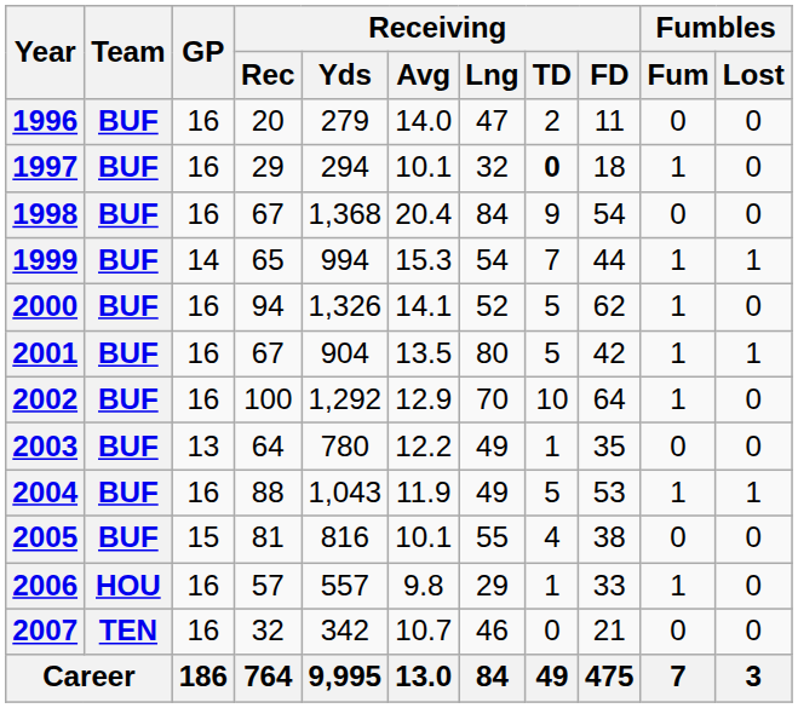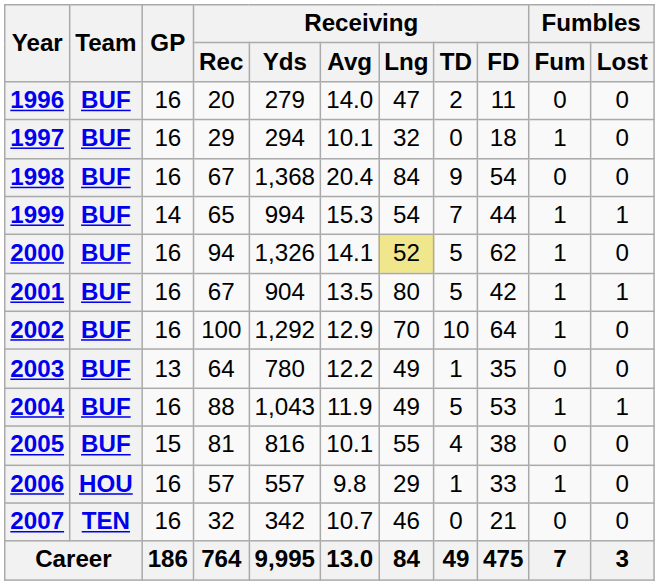 <table class=wikitable style="text-align:center;">
 <tr>
 <th rowspan="2">Year</th>
 <th rowspan="2">Team</th>
 <th rowspan="2">GP</th>
 <th colspan="6">Receiving</th>
 <th colspan="6">Fumbles</th>
 </tr>
 <tr>
 <th>Rec</th>
 <th>Yds</th>
 <th>Avg</th>
 <th>Lng</th>
 <th>TD</th>
 <th>FD</th>
 <th>Fum</th>
 <th>Lost</th>
 </tr>
 <tr>
 <th><a href='#'>1996</a></th>
 <th><a href='#'>BUF</a></th>
 <td>16</td>
 <td>20</td>
 <td>279</td>
 <td>14.0</td>
 <td>47</td>
 <td>2</td>
 <td>11</td>
 <td>0</td>
 <td>0</td>
 </tr>
 <tr>
 <th><a href='#'>1997</a></th>
 <th><a href='#'>BUF</a></th>
 <td>16</td>
 <td>29</td>
 <td>294</td>
 <td>10.1</td>
 <td>32</td>
-<td><strong>0</strong></td>
+<td>0</td>
 <td>18</td>
 <td>1</td>
 <td>0</td>
 </tr>
 <tr>
 <th><a href='#'>1998</a></th>
 <th><a href='#'>BUF</a></th>
 <td>16</td>
 <td>67</td>
 <td>1,368</td>
 <td>20.4</td>
 <td>84</td>
 <td>9</td>
 <td>54</td>
 <td>0</td>
 <td>0</td>
 </tr>
 <tr>
 <th><a href='#'>1999</a></th>
 <th><a href='#'>BUF</a></th>
 <td>14</td>
 <td>65</td>
 <td>994</td>
 <td>15.3</td>
 <td>54</td>
 <td>7</td>
 <td>44</td>
 <td>1</td>
 <td>1</td>
 </tr>
 <tr>
 <th><a href='#'>2000</a></th>
 <th><a href='#'>BUF</a></th>
 <td>16</td>
 <td>94</td>
 <td>1,326</td>
 <td>14.1</td>
-<td>52</td>
+<td style="background: khaki;">52</td>
 <td>5</td>
 <td>62</td>
 <td>1</td>
 <td>0</td>
 </tr>
 <tr>
 <th><a href='#'>2001</a></th>
 <th><a href='#'>BUF</a></th>
 <td>16</td>
 <td>67</td>
 <td>904</td>
 <td>13.5</td>
 <td>80</td>
 <td>5</td>
 <td>42</td>
 <td>1</td>
 <td>1</td>
 </tr>
 <tr>
 <th><a href='#'>2002</a></th>
 <th><a href='#'>BUF</a></th>
 <td>16</td>
 <td>100</td>
 <td>1,292</td>
 <td>12.9</td>
 <td>70</td>
 <td>10</td>
 <td>64</td>
 <td>1</td>
 <td>0</td>
 </tr>
 <tr>
 <th><a href='#'>2003</a></th>
 <th><a href='#'>BUF</a></th>
 <td>13</td>
 <td>64</td>
 <td>780</td>
 <td>12.2</td>
 <td>49</td>
 <td>1</td>
 <td>35</td>
 <td>0</td>
 <td>0</td>
 </tr>
 <tr>
 <th><a href='#'>2004</a></th>
 <th><a href='#'>BUF</a></th>
 <td>16</td>
 <td>88</td>
 <td>1,043</td>
 <td>11.9</td>
 <td>49</td>
 <td>5</td>
 <td>53</td>
 <td>1</td>
 <td>1</td>
 </tr>
 <tr>
 <th><a href='#'>2005</a></th>
 <th><a href='#'>BUF</a></th>
 <td>15</td>
 <td>81</td>
 <td>816</td>
 <td>10.1</td>
 <td>55</td>
 <td>4</td>
 <td>38</td>
 <td>0</td>
 <td>0</td>
 </tr>
 <tr>
 <th><a href='#'>2006</a></th>
 <th><a href='#'>HOU</a></th>
 <td>16</td>
 <td>57</td>
 <td>557</td>
 <td>9.8</td>
 <td>29</td>
 <td>1</td>
 <td>33</td>
 <td>1</td>
 <td>0</td>
 </tr>
 <tr>
 <th><a href='#'>2007</a></th>
 <th><a href='#'>TEN</a></th>
 <td>16</td>
 <td>32</td>
 <td>342</td>
 <td>10.7</td>
 <td>46</td>
 <td>0</td>
 <td>21</td>
 <td>0</td>
 <td>0</td>
 </tr>
 <tr>
 <th colspan="2">Career</th>
 <th>186</th>
 <th>764</th>
 <th>9,995</th>
 <th>13.0</th>
 <th>84</th>
 <th>49</th>
 <th>475</th>
 <th>7</th>
 <th>3</th>
 </tr>
 </table>
